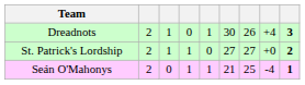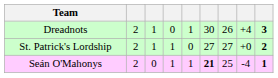 <table class="wikitable" style="text-align:center">
 <tr>
 <th style="width:175px;">Team</th>
 <th width="20"></th>
 <th width="20"></th>
 <th width="20"></th>
 <th width="20"></th>
 <th width="20"></th>
 <th width="20"></th>
 <th width="20"></th>
 <th width="20"></th>
 </tr>
 <tr style="background:#cfc;">
 <td>Dreadnots</td>
 <td>2</td>
 <td>1</td>
 <td>0</td>
 <td>1</td>
 <td>30</td>
 <td>26</td>
 <td>+4</td>
 <td><strong>3</strong></td>
 </tr>
 <tr style="background:#cfc;">
 <td>St. Patrick's Lordship</td>
 <td>2</td>
 <td>1</td>
 <td>1</td>
 <td>0</td>
 <td>27</td>
 <td>27</td>
 <td>+0</td>
 <td><strong>2</strong></td>
 </tr>
 <tr style="background:#fcf;">
 <td>Seán O'Mahonys</td>
 <td>2</td>
 <td>0</td>
 <td>1</td>
 <td>1</td>
-<td>21</td>
+<td><strong>21</strong></td>
 <td>25</td>
 <td>-4</td>
 <td><strong>1</strong></td>
 </tr>
 </table>
